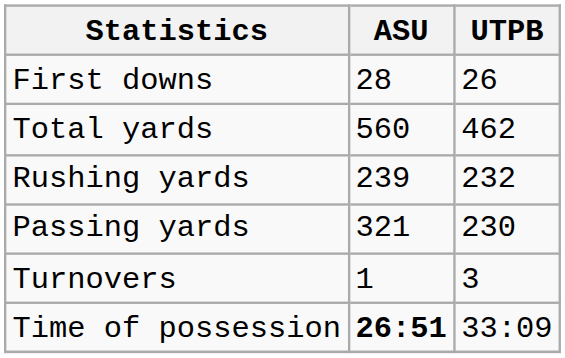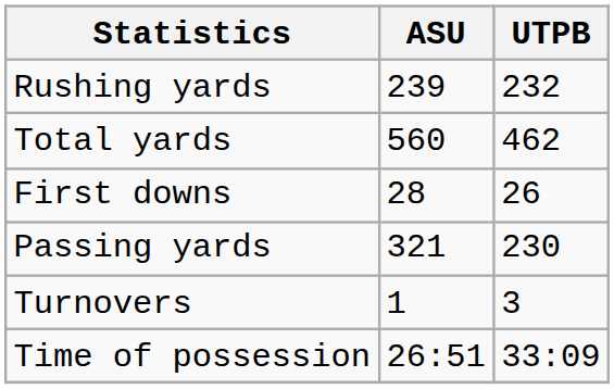 <table class="wikitable" style="float: left;">
 <tr>
 <th>Statistics</th>
 <th>ASU</th>
 <th>UTPB</th>
 </tr>
 <tr>
-<td>First downs</td>
-<td>28</td>
-<td>26</td>
+<td>Rushing yards</td>
+<td>239</td>
+<td>232</td>
 </tr>
 <tr>
 <td>Total yards</td>
 <td>560</td>
 <td>462</td>
 </tr>
 <tr>
-<td>Rushing yards</td>
-<td>239</td>
-<td>232</td>
+<td>First downs</td>
+<td>28</td>
+<td>26</td>
 </tr>
 <tr>
 <td>Passing yards</td>
 <td>321</td>
 <td>230</td>
 </tr>
 <tr>
 <td>Turnovers</td>
 <td>1</td>
 <td>3</td>
 </tr>
 <tr>
 <td>Time of possession</td>
-<td><strong>26:51</strong></td>
+<td>26:51</td>
 <td>33:09</td>
 </tr>
 <tr>
 </tr>
 </table>
